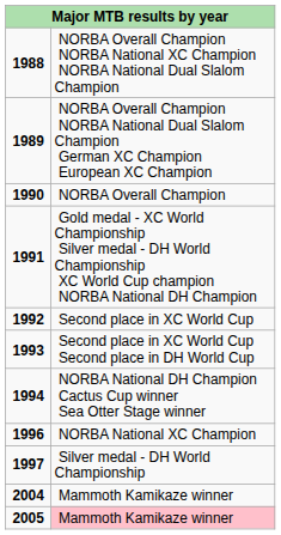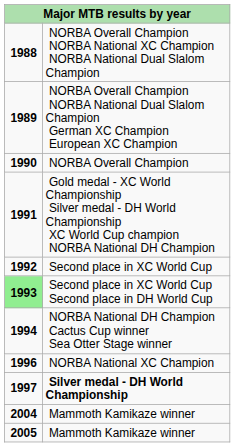 <table class="wikitable toccolours collapsible collapsed" width=290px style="font-size:95%">
 <tr>
 <th style="background: #ADDFAD;" colspan=2 align=center>Major MTB results by year</th>
 </tr>
 <tr>
 <td><strong> 1988</strong> </td>
 <td> NORBA Overall Champion<br> NORBA National XC Champion<br> NORBA National Dual Slalom Champion </td>
 </tr>
 <tr>
 <td><strong> 1989</strong></td>
 <td> NORBA Overall Champion<br> NORBA National Dual Slalom Champion<br> German XC Champion<br> European XC Champion</td>
 </tr>
 <tr>
 <td><strong> 1990</strong></td>
 <td> NORBA Overall Champion</td>
 </tr>
 <tr>
 <td><strong> 1991</strong></td>
 <td> Gold medal - XC World Championship<br> Silver medal - DH World Championship<br> XC World Cup champion<br> NORBA National DH Champion</td>
 </tr>
 <tr>
 <td><strong> 1992</strong></td>
 <td> Second place in XC World Cup</td>
 </tr>
 <tr>
-<td><strong> 1993</strong></td>
+<td style="background: lightgreen;"><strong> 1993</strong></td>
 <td> Second place in XC World Cup<br> Second place in DH World Cup</td>
 </tr>
 <tr>
 <td><strong> 1994</strong></td>
 <td> NORBA National DH Champion<br> Cactus Cup winner<br> Sea Otter Stage winner</td>
 </tr>
 <tr>
 <td><strong> 1996</strong></td>
 <td> NORBA National XC Champion </td>
 </tr>
 <tr>
 <td><strong> 1997</strong></td>
-<td> Silver medal - DH World Championship</td>
+<td><strong> Silver medal - DH World Championship</strong></td>
 </tr>
 <tr>
 <td><strong> 2004</strong></td>
 <td> Mammoth Kamikaze winner</td>
 </tr>
 <tr>
 <td><strong> 2005</strong></td>
-<td style="background: pink;"> Mammoth Kamikaze winner</td>
+<td> Mammoth Kamikaze winner</td>
 </tr>
 </table>
